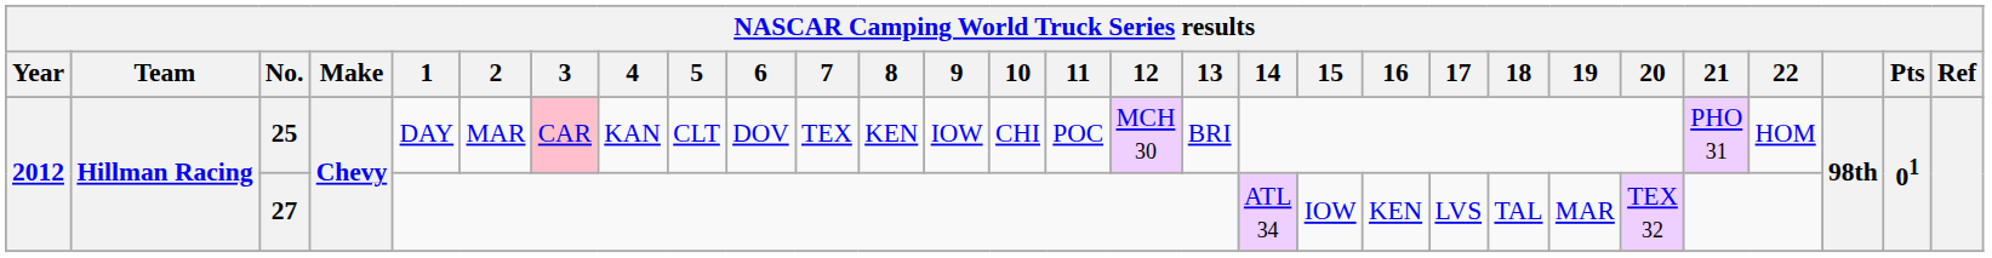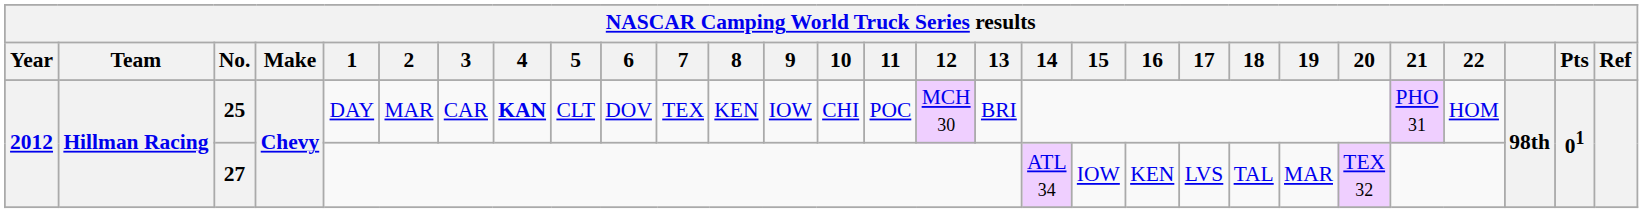 <table class="wikitable" style="text-align:center; font-size:75%">
 <tr>
 <th colspan=45><a href='#'>NASCAR Camping World Truck Series</a> results</th>
 </tr>
 <tr>
 <th>Year</th>
 <th>Team</th>
 <th>No.</th>
 <th>Make</th>
 <th>1</th>
 <th>2</th>
 <th>3</th>
 <th>4</th>
 <th>5</th>
 <th>6</th>
 <th>7</th>
 <th>8</th>
 <th>9</th>
 <th>10</th>
 <th>11</th>
 <th>12</th>
 <th>13</th>
 <th>14</th>
 <th>15</th>
 <th>16</th>
 <th>17</th>
 <th>18</th>
 <th>19</th>
 <th>20</th>
 <th>21</th>
 <th>22</th>
 <th></th>
 <th>Pts</th>
 <th>Ref</th>
 </tr>
 <tr>
 <th rowspan=2><a href='#'>2012</a></th>
 <th rowspan=2><a href='#'>Hillman Racing</a></th>
 <th>25</th>
 <th rowspan=2><a href='#'>Chevy</a></th>
 <td><a href='#'>DAY</a></td>
 <td><a href='#'>MAR</a></td>
-<td style="background: pink;"><a href='#'>CAR</a></td>
-<td><a href='#'>KAN</a></td>
+<td><a href='#'>CAR</a></td>
+<td><strong><a href='#'>KAN</a></strong></td>
 <td><a href='#'>CLT</a></td>
 <td><a href='#'>DOV</a></td>
 <td><a href='#'>TEX</a></td>
 <td><a href='#'>KEN</a></td>
 <td><a href='#'>IOW</a></td>
 <td><a href='#'>CHI</a></td>
 <td><a href='#'>POC</a></td>
 <td style="background:#EFCFFF;"><a href='#'>MCH</a><br><small>30</small></td>
 <td><a href='#'>BRI</a></td>
 <td colspan=7></td>
 <td style="background:#EFCFFF;"><a href='#'>PHO</a><br><small>31</small></td>
 <td><a href='#'>HOM</a></td>
 <th rowspan=2>98th</th>
 <th rowspan=2>0<sup>1</sup></th>
 <th rowspan=2></th>
 </tr>
 <tr>
 <th>27</th>
 <td colspan=13></td>
 <td style="background:#EFCFFF;"><a href='#'>ATL</a><br><small>34</small></td>
 <td><a href='#'>IOW</a></td>
 <td><a href='#'>KEN</a></td>
 <td><a href='#'>LVS</a></td>
 <td><a href='#'>TAL</a></td>
 <td><a href='#'>MAR</a></td>
 <td style="background:#EFCFFF;"><a href='#'>TEX</a><br><small>32</small></td>
 <td colspan=2></td>
 </tr>
 </table>
